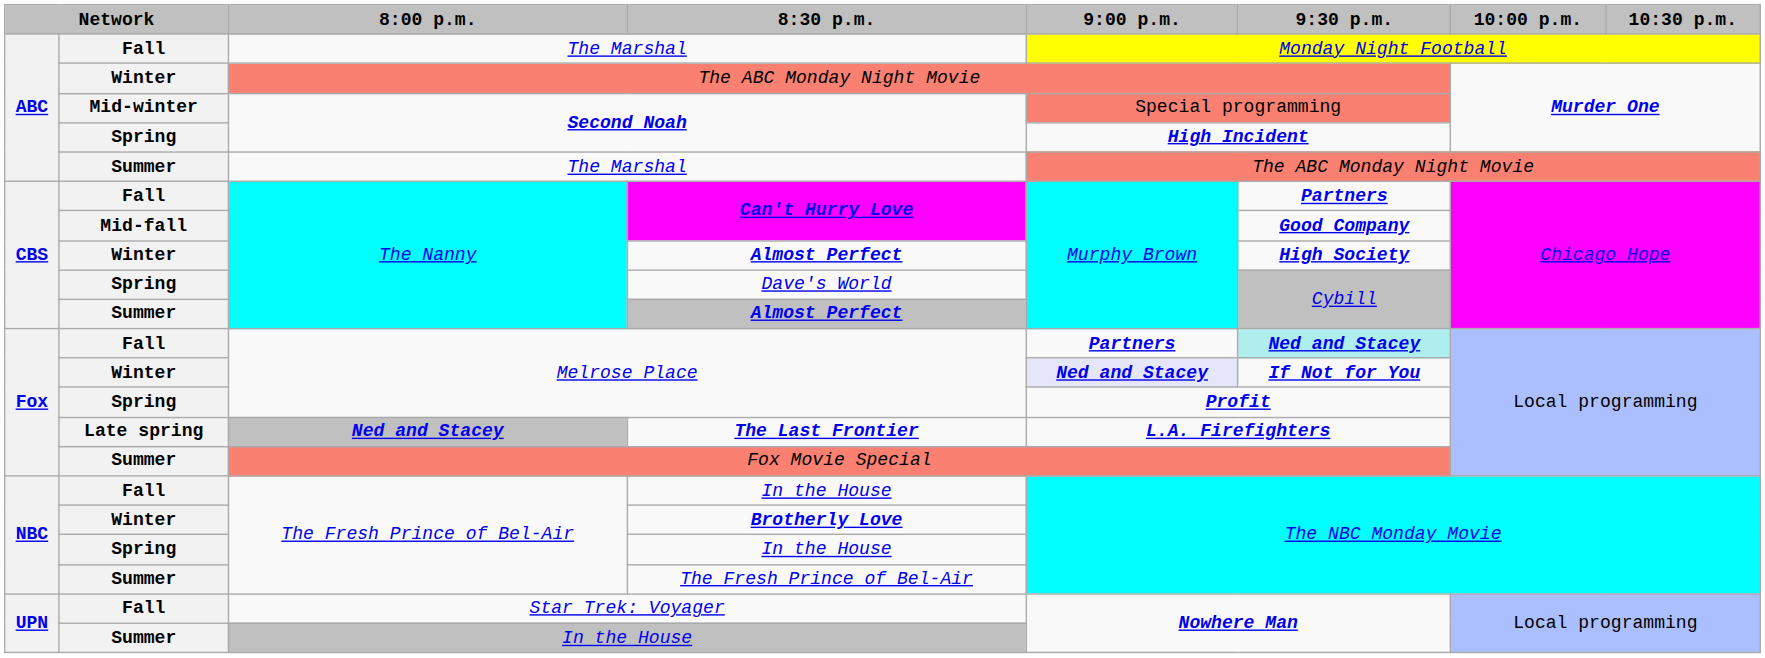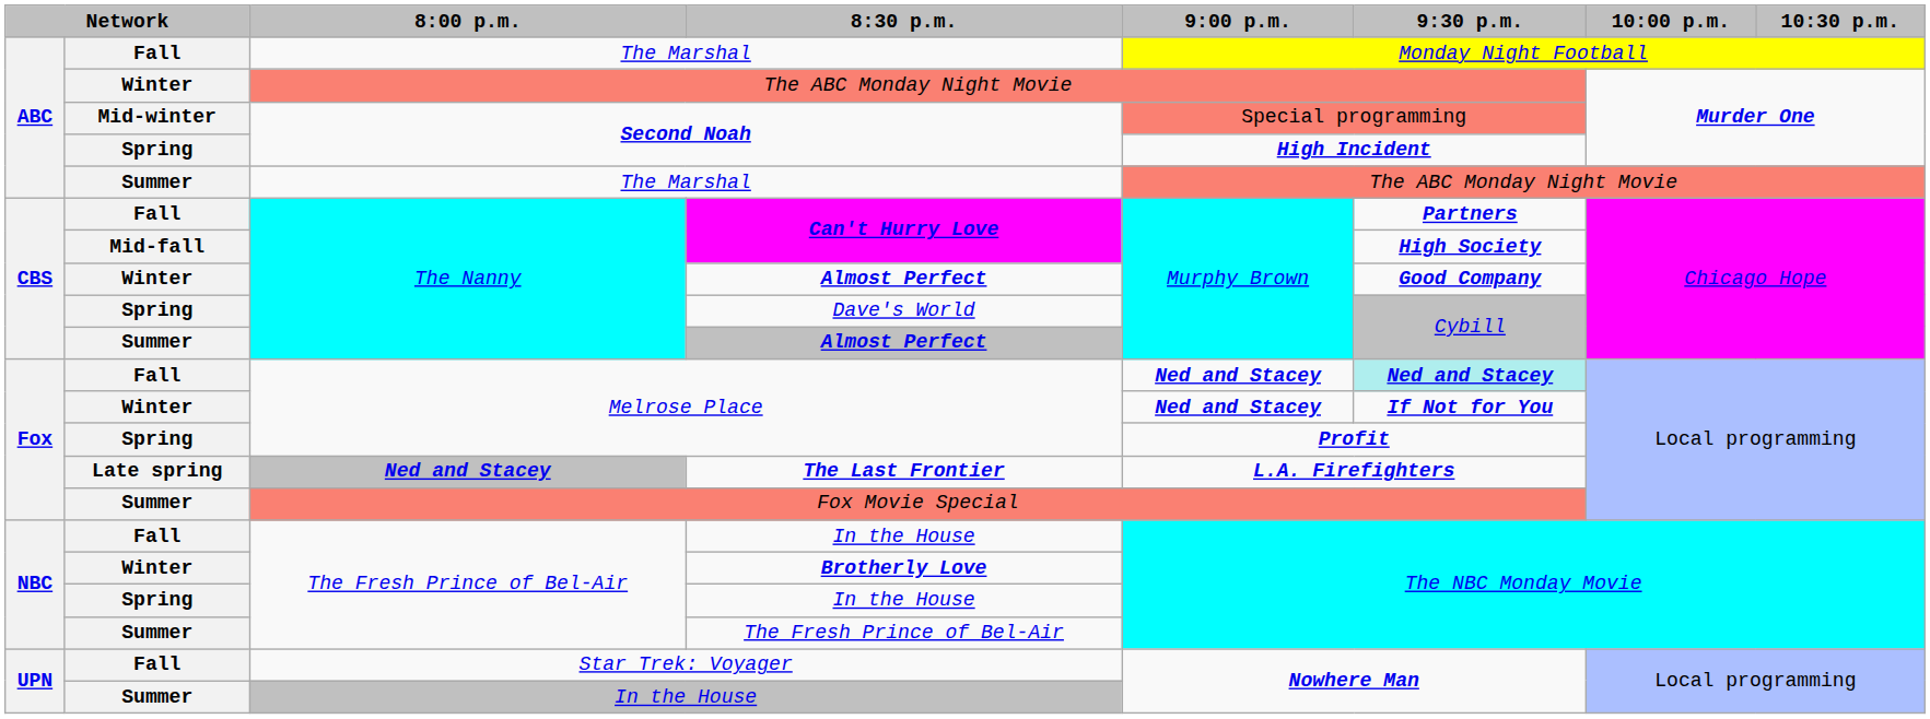 <table class="wikitable" style="width:100%;margin-right:0;text-align:center">
 <tr>
 <th colspan="2" style="background-color:#C0C0C0">Network</th>
 <th style="background-color:#C0C0C0;text-align:center">8:00 p.m.</th>
 <th style="background-color:#C0C0C0;text-align:center">8:30 p.m.</th>
 <th style="background-color:#C0C0C0;text-align:center">9:00 p.m.</th>
 <th style="background-color:#C0C0C0;text-align:center">9:30 p.m.</th>
 <th style="background-color:#C0C0C0;text-align:center">10:00 p.m.</th>
 <th style="background-color:#C0C0C0;text-align:center">10:30 p.m.</th>
 </tr>
 <tr>
 <th rowspan="5"><a href='#'>ABC</a></th>
 <th>Fall</th>
 <td colspan="2"><em><a href='#'>The Marshal</a></em></td>
 <td colspan="4" style="background:yellow;"><em><a href='#'>Monday Night Football</a></em> </td>
 </tr>
 <tr>
 <th>Winter</th>
 <td colspan="4" style="background:#FA8072;"><em>The ABC Monday Night Movie</em></td>
 <td rowspan="3" colspan="2"><strong><em><a href='#'>Murder One</a></em></strong></td>
 </tr>
 <tr>
 <th>Mid-winter</th>
 <td rowspan="2" colspan="2"><strong><em><a href='#'>Second Noah</a></em></strong></td>
 <td colspan="2" style="background:#FA8072;">Special programming</td>
 </tr>
 <tr>
 <th>Spring</th>
 <td colspan="2"><strong><em><a href='#'>High Incident</a></em></strong></td>
 </tr>
 <tr>
 <th>Summer</th>
 <td colspan="2"><em><a href='#'>The Marshal</a></em></td>
 <td colspan="4" style="background:#FA8072;"><em>The ABC Monday Night Movie</em></td>
 </tr>
 <tr>
 <th rowspan="5"><a href='#'>CBS</a></th>
 <th>Fall</th>
 <td rowspan="5" style="background:cyan;"><em><a href='#'>The Nanny</a></em> </td>
 <td rowspan="2" style="background:magenta;"><strong><em><a href='#'>Can't Hurry Love</a></em></strong> </td>
 <td rowspan="5" style="background:cyan;"><em><a href='#'>Murphy Brown</a></em> </td>
 <td><strong><em><a href='#'>Partners</a></em></strong></td>
 <td rowspan="5" colspan="2" style="background:magenta;"><em><a href='#'>Chicago Hope</a></em> </td>
 </tr>
 <tr>
 <th>Mid-fall</th>
-<td><strong><em><a href='#'>Good Company</a></em></strong></td>
+<td><strong><em><a href='#'>High Society</a></em></strong></td>
 </tr>
 <tr>
 <th>Winter</th>
 <td><strong><em><a href='#'>Almost Perfect</a></em></strong></td>
-<td><strong><em><a href='#'>High Society</a></em></strong></td>
+<td><strong><em><a href='#'>Good Company</a></em></strong></td>
 </tr>
 <tr>
 <th>Spring</th>
 <td><em><a href='#'>Dave's World</a></em></td>
 <td rowspan="2" style="background:#C0C0C0;"><em><a href='#'>Cybill</a></em> </td>
 </tr>
 <tr>
 <th>Summer</th>
 <td style="background:#C0C0C0;"><strong><em><a href='#'>Almost Perfect</a></em></strong> </td>
 </tr>
 <tr>
 <th rowspan="5"><a href='#'>Fox</a></th>
 <th>Fall</th>
 <td rowspan="3" colspan="2"><em><a href='#'>Melrose Place</a></em></td>
-<td><strong><em><a href='#'>Partners</a></em></strong></td>
+<td><strong><em><a href='#'>Ned and Stacey</a></em></strong></td>
 <td style="background: paleturquoise;"><strong><em><a href='#'>Ned and Stacey</a></em></strong></td>
 <td style="background:#abbfff;" rowspan="5" colspan="2">Local programming</td>
 </tr>
 <tr>
 <th>Winter</th>
-<td style="background: lavender;"><strong><em><a href='#'>Ned and Stacey</a></em></strong></td>
+<td><strong><em><a href='#'>Ned and Stacey</a></em></strong></td>
 <td><strong><em><a href='#'>If Not for You</a></em></strong></td>
 </tr>
 <tr>
 <th>Spring</th>
 <td colspan="2"><strong><em><a href='#'>Profit</a></em></strong></td>
 </tr>
 <tr>
 <th>Late spring</th>
 <td style="background:#C0C0C0;"><strong><em><a href='#'>Ned and Stacey</a></em></strong> </td>
 <td><strong><em><a href='#'>The Last Frontier</a></em></strong></td>
 <td colspan="2"><strong><em><a href='#'>L.A. Firefighters</a></em></strong></td>
 </tr>
 <tr>
 <th>Summer</th>
 <td colspan="4" style="background:#FA8072;"><em>Fox Movie Special</em></td>
 </tr>
 <tr>
 <th rowspan="4"><a href='#'>NBC</a></th>
 <th>Fall</th>
 <td rowspan="4"><em><a href='#'>The Fresh Prince of Bel-Air</a></em></td>
 <td><em><a href='#'>In the House</a></em></td>
 <td bgcolor="#00FFFF" rowspan="4" colspan="4" style="background:cyan;"><em><a href='#'>The NBC Monday Movie</a></em> </td>
 </tr>
 <tr>
 <th>Winter</th>
 <td><strong><em><a href='#'>Brotherly Love</a></em></strong></td>
 </tr>
 <tr>
 <th>Spring</th>
 <td><em><a href='#'>In the House</a></em></td>
 </tr>
 <tr>
 <th>Summer</th>
 <td><em><a href='#'>The Fresh Prince of Bel-Air</a></em></td>
 </tr>
 <tr>
 <th rowspan="2"><a href='#'>UPN</a></th>
 <th>Fall</th>
 <td colspan="2"><em><a href='#'>Star Trek: Voyager</a></em></td>
 <td colspan="2"  rowspan="2"><strong><em><a href='#'>Nowhere Man</a></em></strong></td>
 <td style="background:#abbfff;" colspan="2" rowspan="2">Local programming</td>
 </tr>
 <tr>
 <th>Summer</th>
 <td colspan="2" style="background:#C0C0C0;"><em><a href='#'>In the House</a></em> </td>
 </tr>
 </table>
